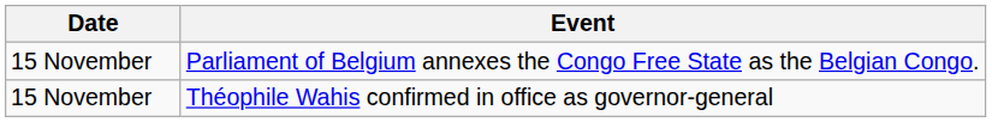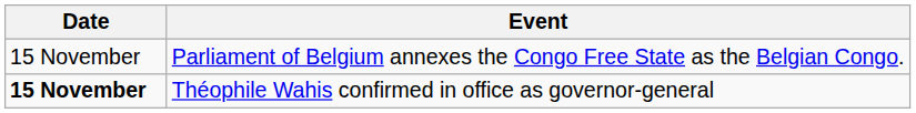 <table class=wikitable>
 <tr>
 <th style="width:7em">Date</th>
 <th>Event</th>
 </tr>
 <tr>
 <td>15 November</td>
 <td><a href='#'>Parliament of Belgium</a> annexes the <a href='#'>Congo Free State</a> as the <a href='#'>Belgian Congo</a>.</td>
 </tr>
 <tr>
-<td>15 November</td>
+<td><strong>15 November</strong></td>
 <td><a href='#'>Théophile Wahis</a> confirmed in office as governor-general</td>
 </tr>
 </table>
